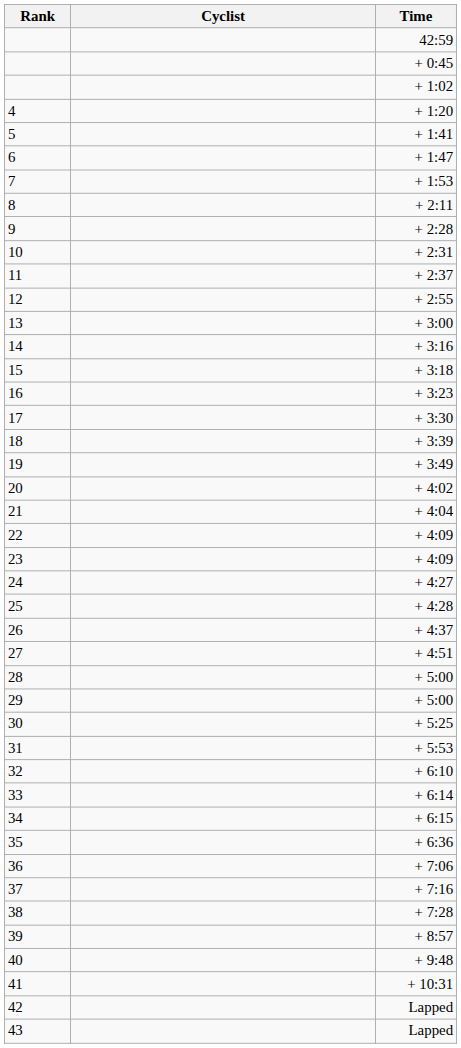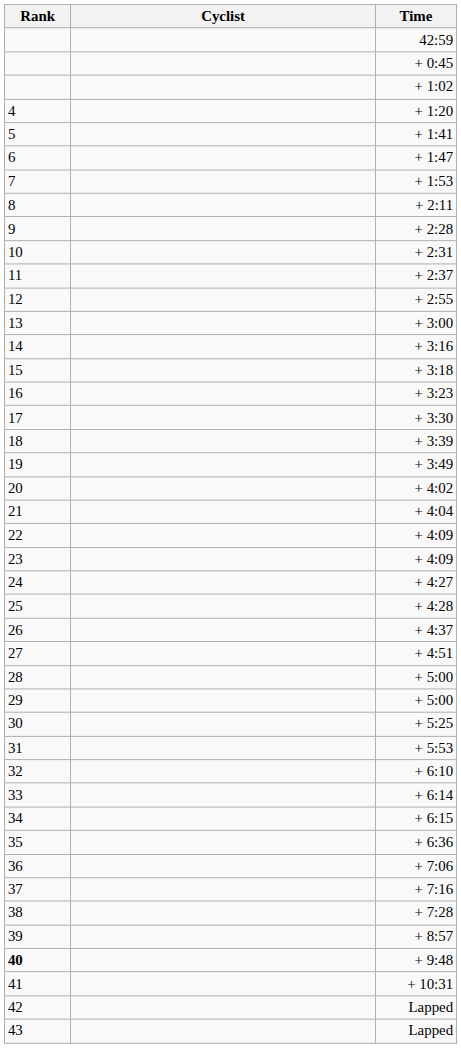 <table class="wikitable">
 <tr>
 <th style="width: 4em;">Rank</th>
 <th style="width: 20em;">Cyclist</th>
 <th style="width: 5em;">Time</th>
 </tr>
 <tr>
 <td></td>
 <td></td>
 <td align="right">42:59</td>
 </tr>
 <tr>
 <td></td>
 <td></td>
 <td align="right">+ 0:45</td>
 </tr>
 <tr>
 <td></td>
 <td></td>
 <td align="right">+ 1:02</td>
 </tr>
 <tr>
 <td>4</td>
 <td></td>
 <td align="right">+ 1:20</td>
 </tr>
 <tr>
 <td>5</td>
 <td></td>
 <td align="right">+ 1:41</td>
 </tr>
 <tr>
 <td>6</td>
 <td></td>
 <td align="right">+ 1:47</td>
 </tr>
 <tr>
 <td>7</td>
 <td></td>
 <td align="right">+ 1:53</td>
 </tr>
 <tr>
 <td>8</td>
 <td></td>
 <td align="right">+ 2:11</td>
 </tr>
 <tr>
 <td>9</td>
 <td></td>
 <td align="right">+ 2:28</td>
 </tr>
 <tr>
 <td>10</td>
 <td></td>
 <td align="right">+ 2:31</td>
 </tr>
 <tr>
 <td>11</td>
 <td></td>
 <td align="right">+ 2:37</td>
 </tr>
 <tr>
 <td>12</td>
 <td></td>
 <td align="right">+ 2:55</td>
 </tr>
 <tr>
 <td>13</td>
 <td></td>
 <td align="right">+ 3:00</td>
 </tr>
 <tr>
 <td>14</td>
 <td></td>
 <td align="right">+ 3:16</td>
 </tr>
 <tr>
 <td>15</td>
 <td></td>
 <td align="right">+ 3:18</td>
 </tr>
 <tr>
 <td>16</td>
 <td></td>
 <td align="right">+ 3:23</td>
 </tr>
 <tr>
 <td>17</td>
 <td></td>
 <td align="right">+ 3:30</td>
 </tr>
 <tr>
 <td>18</td>
 <td></td>
 <td align="right">+ 3:39</td>
 </tr>
 <tr>
 <td>19</td>
 <td></td>
 <td align="right">+ 3:49</td>
 </tr>
 <tr>
 <td>20</td>
 <td></td>
 <td align="right">+ 4:02</td>
 </tr>
 <tr>
 <td>21</td>
 <td></td>
 <td align="right">+ 4:04</td>
 </tr>
 <tr>
 <td>22</td>
 <td></td>
 <td align="right">+ 4:09</td>
 </tr>
 <tr>
 <td>23</td>
 <td></td>
 <td align="right">+ 4:09</td>
 </tr>
 <tr>
 <td>24</td>
 <td></td>
 <td align="right">+ 4:27</td>
 </tr>
 <tr>
 <td>25</td>
 <td></td>
 <td align="right">+ 4:28</td>
 </tr>
 <tr>
 <td>26</td>
 <td></td>
 <td align="right">+ 4:37</td>
 </tr>
 <tr>
 <td>27</td>
 <td></td>
 <td align="right">+ 4:51</td>
 </tr>
 <tr>
 <td>28</td>
 <td></td>
 <td align="right">+ 5:00</td>
 </tr>
 <tr>
 <td>29</td>
 <td></td>
 <td align="right">+ 5:00</td>
 </tr>
 <tr>
 <td>30</td>
 <td></td>
 <td align="right">+ 5:25</td>
 </tr>
 <tr>
 <td>31</td>
 <td></td>
 <td align="right">+ 5:53</td>
 </tr>
 <tr>
 <td>32</td>
 <td></td>
 <td align="right">+ 6:10</td>
 </tr>
 <tr>
 <td>33</td>
 <td></td>
 <td align="right">+ 6:14</td>
 </tr>
 <tr>
 <td>34</td>
 <td></td>
 <td align="right">+ 6:15</td>
 </tr>
 <tr>
 <td>35</td>
 <td></td>
 <td align="right">+ 6:36</td>
 </tr>
 <tr>
 <td>36</td>
 <td></td>
 <td align="right">+ 7:06</td>
 </tr>
 <tr>
 <td>37</td>
 <td></td>
 <td align="right">+ 7:16</td>
 </tr>
 <tr>
 <td>38</td>
 <td></td>
 <td align="right">+ 7:28</td>
 </tr>
 <tr>
 <td>39</td>
 <td></td>
 <td align="right">+ 8:57</td>
 </tr>
 <tr>
-<td>40</td>
+<td><strong>40</strong></td>
 <td></td>
 <td align="right">+ 9:48</td>
 </tr>
 <tr>
 <td>41</td>
 <td></td>
 <td align="right">+ 10:31</td>
 </tr>
 <tr>
 <td>42</td>
 <td></td>
 <td align="right">Lapped</td>
 </tr>
 <tr>
 <td>43</td>
 <td></td>
 <td align="right">Lapped</td>
 </tr>
 </table>
